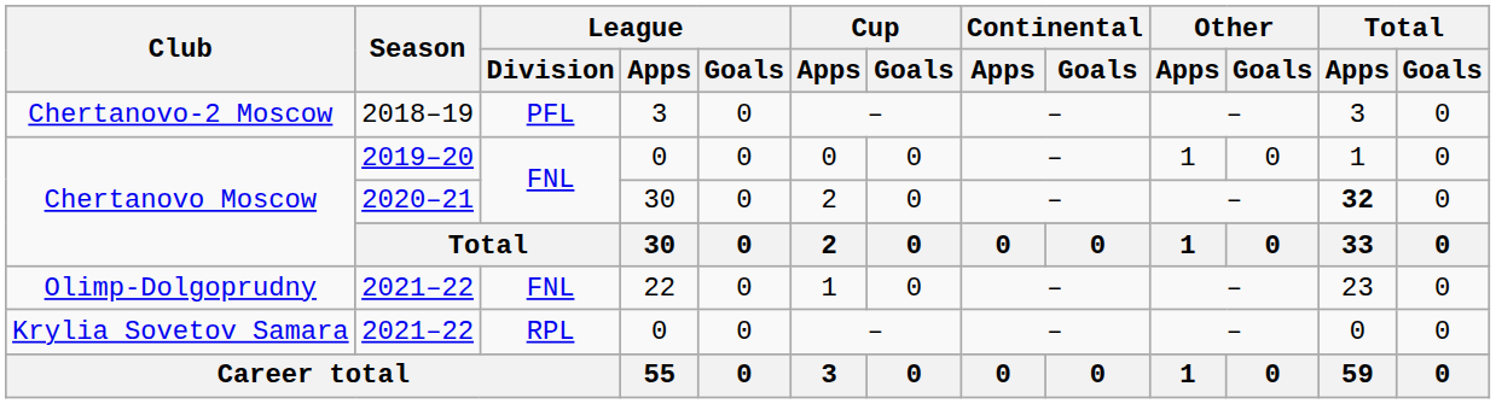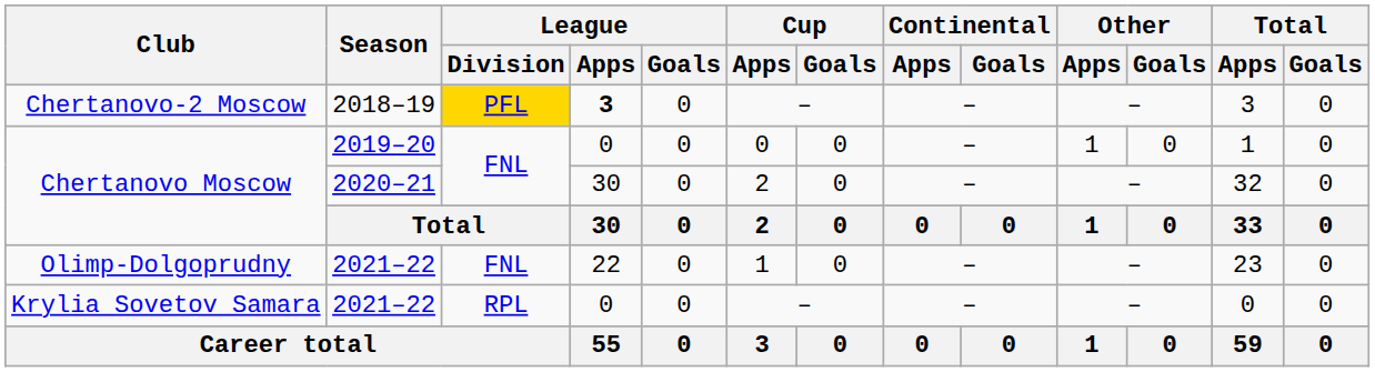 <table class="wikitable" style="text-align: center;">
 <tr>
 <th rowspan=2>Club</th>
 <th rowspan=2>Season</th>
 <th colspan=3>League</th>
 <th colspan=2>Cup</th>
 <th colspan=2>Continental</th>
 <th colspan=2>Other</th>
 <th colspan=2>Total</th>
 </tr>
 <tr>
 <th>Division</th>
 <th>Apps</th>
 <th>Goals</th>
 <th>Apps</th>
 <th>Goals</th>
 <th>Apps</th>
 <th>Goals</th>
 <th>Apps</th>
 <th>Goals</th>
 <th>Apps</th>
 <th>Goals</th>
 </tr>
 <tr>
 <td><a href='#'>Chertanovo-2 Moscow</a></td>
 <td>2018–19</td>
-<td><a href='#'>PFL</a></td>
-<td>3</td>
+<td style="background: gold;"><a href='#'>PFL</a></td>
+<td><strong>3</strong></td>
 <td>0</td>
 <td colspan=2>–</td>
 <td colspan=2>–</td>
 <td colspan=2>–</td>
 <td>3</td>
 <td>0</td>
 </tr>
 <tr>
 <td rowspan="3"><a href='#'>Chertanovo Moscow</a></td>
 <td><a href='#'>2019–20</a></td>
 <td rowspan="2"><a href='#'>FNL</a></td>
 <td>0</td>
 <td>0</td>
 <td>0</td>
 <td>0</td>
 <td colspan=2>–</td>
 <td>1</td>
 <td>0</td>
 <td>1</td>
 <td>0</td>
 </tr>
 <tr>
 <td><a href='#'>2020–21</a></td>
 <td>30</td>
 <td>0</td>
 <td>2</td>
 <td>0</td>
 <td colspan=2>–</td>
 <td colspan=2>–</td>
-<td><strong>32</strong></td>
+<td>32</td>
 <td>0</td>
 </tr>
 <tr>
 <th colspan=2>Total</th>
 <th>30</th>
 <th>0</th>
 <th>2</th>
 <th>0</th>
 <th>0</th>
 <th>0</th>
 <th>1</th>
 <th>0</th>
 <th>33</th>
 <th>0</th>
 </tr>
 <tr>
 <td><a href='#'>Olimp-Dolgoprudny</a></td>
 <td><a href='#'>2021–22</a></td>
 <td><a href='#'>FNL</a></td>
 <td>22</td>
 <td>0</td>
 <td>1</td>
 <td>0</td>
 <td colspan=2>–</td>
 <td colspan=2>–</td>
 <td>23</td>
 <td>0</td>
 </tr>
 <tr>
 <td><a href='#'>Krylia Sovetov Samara</a></td>
 <td><a href='#'>2021–22</a></td>
 <td><a href='#'>RPL</a></td>
 <td>0</td>
 <td>0</td>
 <td colspan=2>–</td>
 <td colspan=2>–</td>
 <td colspan=2>–</td>
 <td>0</td>
 <td>0</td>
 </tr>
 <tr>
 <th colspan=3>Career total</th>
 <th>55</th>
 <th>0</th>
 <th>3</th>
 <th>0</th>
 <th>0</th>
 <th>0</th>
 <th>1</th>
 <th>0</th>
 <th>59</th>
 <th>0</th>
 </tr>
 </table>
